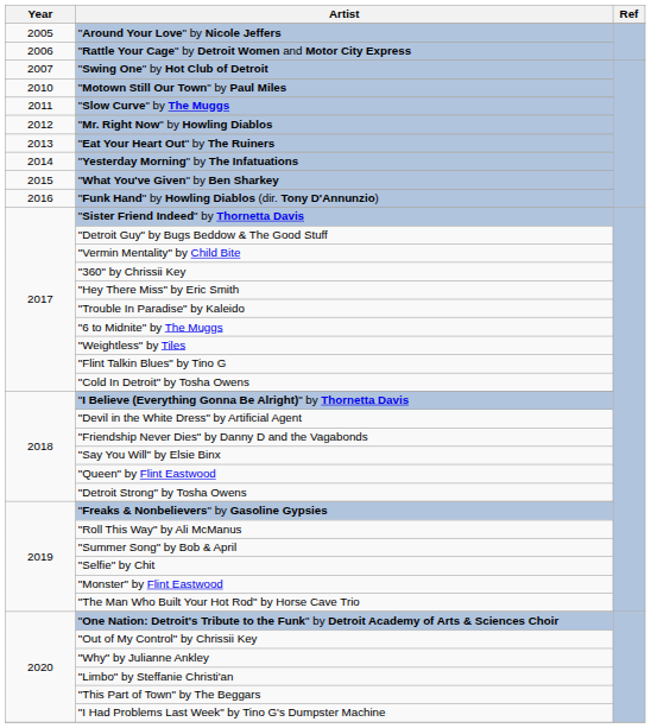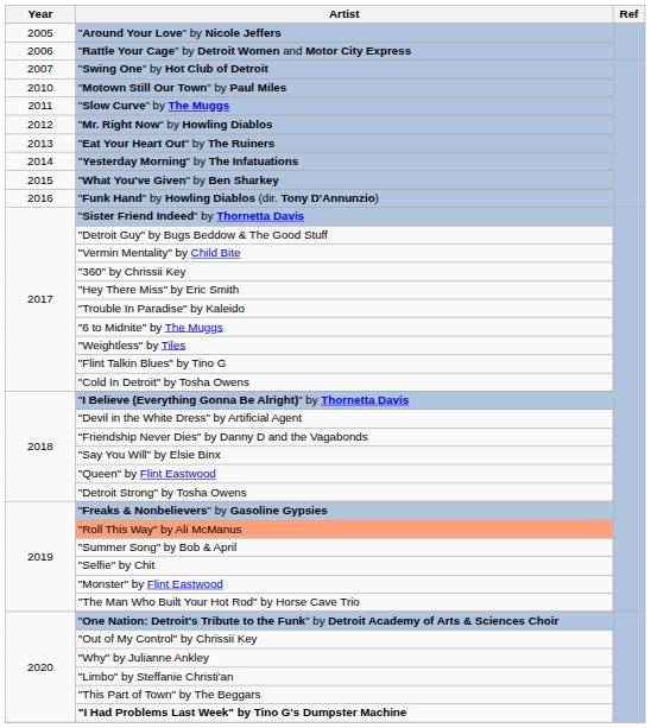 <table class="wikitable" style="width:100%;">
 <tr>
 <th style="width:11%;">Year</th>
 <th style="width:84%;">Artist</th>
 <th style="width:5%;">Ref</th>
 </tr>
 <tr>
 <td rowspan="2" align="center">2005</td>
 </tr>
 <tr style="background:#B0C4DE">
 <td>"<strong>Around Your Love</strong>" by <strong>Nicole Jeffers</strong></td>
 <td rowspan="4"></td>
 </tr>
 <tr>
 <td rowspan="2" align="center">2006</td>
 </tr>
 <tr style="background:#B0C4DE">
 <td>"<strong>Rattle Your Cage</strong>" by <strong>Detroit Women</strong> and <strong>Motor City Express</strong></td>
 </tr>
 <tr>
 <td rowspan="2" align="center">2007</td>
 </tr>
 <tr style="background:#B0C4DE">
 <td>"<strong>Swing One</strong>" by <strong>Hot Club of Detroit</strong></td>
 <td rowspan="16" align="center"></td>
 </tr>
 <tr>
 <td rowspan="2" align="center">2010</td>
 </tr>
 <tr style="background:#B0C4DE">
 <td>"<strong>Motown Still Our Town</strong>" by <strong>Paul Miles</strong></td>
 </tr>
 <tr>
 <td rowspan="2" align="center">2011</td>
 </tr>
 <tr style="background:#B0C4DE">
 <td>"<strong>Slow Curve</strong>" by <strong><a href='#'>The Muggs</a></strong></td>
 </tr>
 <tr>
 <td rowspan="2" align="center">2012</td>
 </tr>
 <tr style="background:#B0C4DE">
 <td>"<strong>Mr. Right Now</strong>" by <strong>Howling Diablos</strong></td>
 </tr>
 <tr>
 <td rowspan="2" align="center">2013</td>
 </tr>
 <tr style="background:#B0C4DE">
 <td>"<strong>Eat Your Heart Out</strong>" by <strong>The Ruiners</strong></td>
 </tr>
 <tr>
 <td rowspan="2" align="center">2014</td>
 </tr>
 <tr style="background:#B0C4DE">
 <td>"<strong>Yesterday Morning</strong>" by <strong>The Infatuations</strong></td>
 </tr>
 <tr>
 <td rowspan="2" align="center">2015</td>
 </tr>
 <tr style="background:#B0C4DE">
 <td>"<strong>What You've Given</strong>" by <strong>Ben Sharkey</strong></td>
 </tr>
 <tr>
 <td rowspan="2" align="center">2016</td>
 </tr>
 <tr style="background:#B0C4DE">
 <td>"<strong>Funk Hand</strong>" by <strong>Howling Diablos</strong> (dir. <strong>Tony D'Annunzio</strong>)</td>
 </tr>
 <tr>
 <td rowspan="11" align="center">2017</td>
 </tr>
 <tr style="background:#B0C4DE">
 <td>"<strong>Sister Friend Indeed</strong>" by <strong><a href='#'>Thornetta Davis</a></strong></td>
 <td rowspan="25" align="center"></td>
 </tr>
 <tr>
 <td>"Detroit Guy" by Bugs Beddow & The Good Stuff</td>
 </tr>
 <tr>
 <td>"Vermin Mentality" by <a href='#'>Child Bite</a></td>
 </tr>
 <tr>
 <td>"360" by Chrissii Key</td>
 </tr>
 <tr>
 <td>"Hey There Miss" by Eric Smith</td>
 </tr>
 <tr>
 <td>"Trouble In Paradise" by Kaleido</td>
 </tr>
 <tr>
 <td>"6 to Midnite" by <a href='#'>The Muggs</a></td>
 </tr>
 <tr>
 <td>"Weightless" by <a href='#'>Tiles</a></td>
 </tr>
 <tr>
 <td>"Flint Talkin Blues" by Tino G</td>
 </tr>
 <tr>
 <td>"Cold In Detroit" by Tosha Owens</td>
 </tr>
 <tr>
 <td rowspan="7" align="center">2018</td>
 </tr>
 <tr style="background:#B0C4DE">
 <td>"<strong>I Believe (Everything Gonna Be Alright)</strong>" by <strong><a href='#'>Thornetta Davis</a></strong></td>
 </tr>
 <tr>
 <td>"Devil in the White Dress" by Artificial Agent</td>
 </tr>
 <tr>
 <td>"Friendship Never Dies" by Danny D and the Vagabonds</td>
 </tr>
 <tr>
 <td>"Say You Will" by Elsie Binx</td>
 </tr>
 <tr>
 <td>"Queen" by <a href='#'>Flint Eastwood</a></td>
 </tr>
 <tr>
 <td>"Detroit Strong" by Tosha Owens</td>
 </tr>
 <tr>
 <td rowspan="7" align="center">2019</td>
 </tr>
 <tr style="background:#B0C4DE">
 <td>"<strong>Freaks & Nonbelievers</strong>" by <strong>Gasoline Gypsies</strong></td>
 </tr>
 <tr>
-<td>"Roll This Way" by Ali McManus</td>
+<td style="background: lightsalmon;">"Roll This Way" by Ali McManus</td>
 </tr>
 <tr>
 <td>"Summer Song" by Bob & April</td>
 </tr>
 <tr>
 <td>"Selfie" by Chit</td>
 </tr>
 <tr>
 <td>"Monster" by <a href='#'>Flint Eastwood</a></td>
 </tr>
 <tr>
 <td>"The Man Who Built Your Hot Rod" by Horse Cave Trio</td>
 </tr>
 <tr>
 <td rowspan="7" align="center">2020</td>
 </tr>
 <tr style="background:#B0C4DE">
 <td>"<strong>One Nation: Detroit's Tribute to the Funk</strong>" by <strong>Detroit Academy of Arts & Sciences Choir</strong></td>
 <td rowspan="6" align="center"></td>
 </tr>
 <tr>
 <td>"Out of My Control" by Chrissii Key</td>
 </tr>
 <tr>
 <td>"Why" by Julianne Ankley</td>
 </tr>
 <tr>
 <td>"Limbo" by Steffanie Christi'an</td>
 </tr>
 <tr>
 <td>"This Part of Town" by The Beggars</td>
 </tr>
 <tr>
-<td>"I Had Problems Last Week" by Tino G's Dumpster Machine</td>
+<td><strong>"I Had Problems Last Week" by Tino G's Dumpster Machine</strong></td>
 </tr>
 <tr>
 </tr>
 </table>
